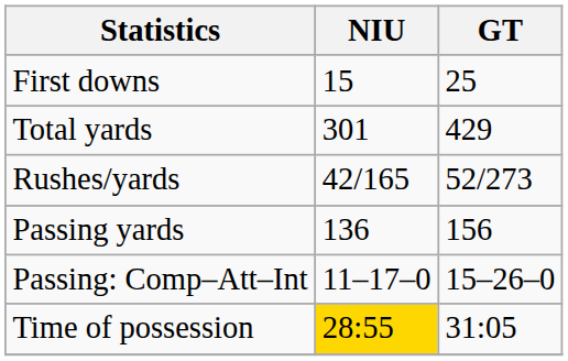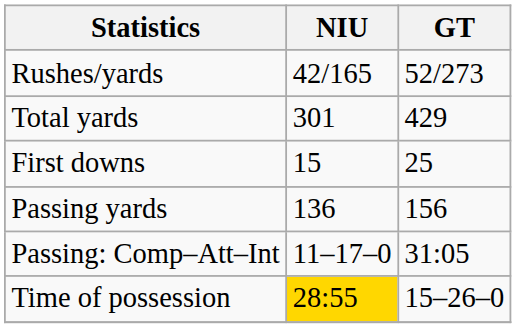 <table class="wikitable" style="float: left;">
 <tr>
 <th>Statistics</th>
 <th>NIU</th>
 <th>GT</th>
 </tr>
 <tr>
-<td>First downs</td>
-<td>15</td>
-<td>25</td>
+<td>Rushes/yards</td>
+<td>42/165</td>
+<td>52/273</td>
 </tr>
 <tr>
 <td>Total yards</td>
 <td>301</td>
 <td>429</td>
 </tr>
 <tr>
-<td>Rushes/yards</td>
-<td>42/165</td>
-<td>52/273</td>
+<td>First downs</td>
+<td>15</td>
+<td>25</td>
 </tr>
 <tr>
 <td>Passing yards</td>
 <td>136</td>
 <td>156</td>
 </tr>
 <tr>
 <td>Passing: Comp–Att–Int</td>
 <td>11–17–0</td>
-<td>15–26–0</td>
+<td>31:05</td>
 </tr>
 <tr>
 <td>Time of possession</td>
 <td style="background: gold;">28:55</td>
-<td>31:05</td>
+<td>15–26–0</td>
 </tr>
 <tr>
 </tr>
 </table>
